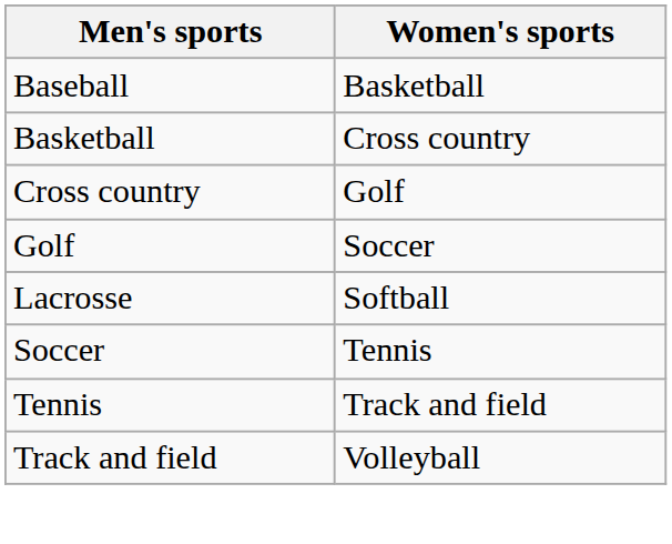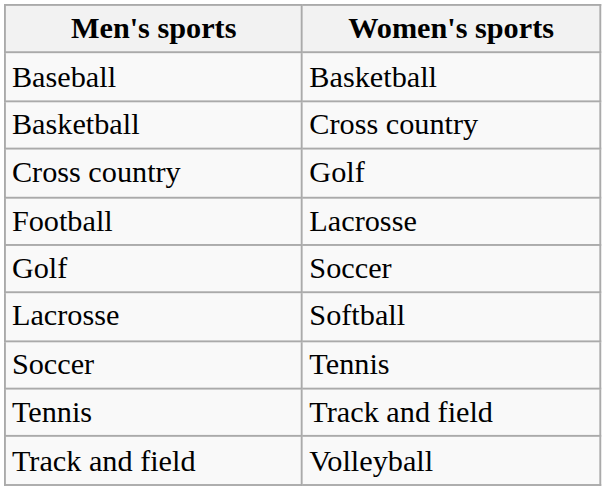 <table class="wikitable"; style= "text-align: ">
 <tr>
 <th width=150px>Men's sports</th>
 <th width=150px>Women's sports</th>
 </tr>
 <tr>
 <td>Baseball</td>
 <td>Basketball</td>
 </tr>
 <tr>
 <td>Basketball</td>
 <td>Cross country</td>
 </tr>
 <tr>
 <td>Cross country</td>
 <td>Golf</td>
+</tr>
+<tr>
+<td>Football</td>
+<td>Lacrosse</td>
 </tr>
 <tr>
 <td>Golf</td>
 <td>Soccer</td>
 </tr>
 <tr>
 <td>Lacrosse</td>
 <td>Softball</td>
 </tr>
 <tr>
 <td>Soccer</td>
 <td>Tennis</td>
 </tr>
 <tr>
 <td>Tennis</td>
 <td>Track and field</td>
 </tr>
 <tr>
 <td>Track and field</td>
 <td>Volleyball</td>
 </tr>
 </table>
